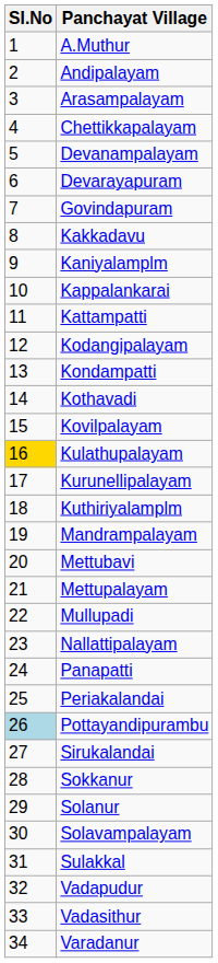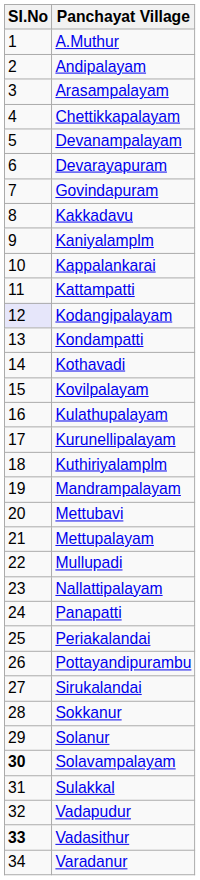 <table class="wikitable sortable">
 <tr>
 <th>SI.No</th>
 <th>Panchayat Village</th>
 </tr>
 <tr>
 <td>1</td>
 <td><a href='#'>A.Muthur</a></td>
 </tr>
 <tr>
 <td>2</td>
 <td><a href='#'>Andipalayam</a></td>
 </tr>
 <tr>
 <td>3</td>
 <td><a href='#'>Arasampalayam</a></td>
 </tr>
 <tr>
 <td>4</td>
 <td><a href='#'>Chettikkapalayam</a></td>
 </tr>
 <tr>
 <td>5</td>
 <td><a href='#'>Devanampalayam</a></td>
 </tr>
 <tr>
 <td>6</td>
 <td><a href='#'>Devarayapuram</a></td>
 </tr>
 <tr>
 <td>7</td>
 <td><a href='#'>Govindapuram</a></td>
 </tr>
 <tr>
 <td>8</td>
 <td><a href='#'>Kakkadavu</a></td>
 </tr>
 <tr>
 <td>9</td>
 <td><a href='#'>Kaniyalamplm</a></td>
 </tr>
 <tr>
 <td>10</td>
 <td><a href='#'>Kappalankarai</a></td>
 </tr>
 <tr>
 <td>11</td>
 <td><a href='#'>Kattampatti</a></td>
 </tr>
 <tr>
-<td>12</td>
+<td style="background: lavender;">12</td>
 <td><a href='#'>Kodangipalayam</a></td>
 </tr>
 <tr>
 <td>13</td>
 <td><a href='#'>Kondampatti</a></td>
 </tr>
 <tr>
 <td>14</td>
 <td><a href='#'>Kothavadi</a></td>
 </tr>
 <tr>
 <td>15</td>
 <td><a href='#'>Kovilpalayam</a></td>
 </tr>
 <tr>
-<td style="background: gold;">16</td>
+<td>16</td>
 <td><a href='#'>Kulathupalayam</a></td>
 </tr>
 <tr>
 <td>17</td>
 <td><a href='#'>Kurunellipalayam</a></td>
 </tr>
 <tr>
 <td>18</td>
 <td><a href='#'>Kuthiriyalamplm</a></td>
 </tr>
 <tr>
 <td>19</td>
 <td><a href='#'>Mandrampalayam</a></td>
 </tr>
 <tr>
 <td>20</td>
 <td><a href='#'>Mettubavi</a></td>
 </tr>
 <tr>
 <td>21</td>
 <td><a href='#'>Mettupalayam</a></td>
 </tr>
 <tr>
 <td>22</td>
 <td><a href='#'>Mullupadi</a></td>
 </tr>
 <tr>
 <td>23</td>
 <td><a href='#'>Nallattipalayam</a></td>
 </tr>
 <tr>
 <td>24</td>
 <td><a href='#'>Panapatti</a></td>
 </tr>
 <tr>
 <td>25</td>
 <td><a href='#'>Periakalandai</a></td>
 </tr>
 <tr>
-<td style="background: lightblue;">26</td>
+<td>26</td>
 <td><a href='#'>Pottayandipurambu</a></td>
 </tr>
 <tr>
 <td>27</td>
 <td><a href='#'>Sirukalandai</a></td>
 </tr>
 <tr>
 <td>28</td>
 <td><a href='#'>Sokkanur</a></td>
 </tr>
 <tr>
 <td>29</td>
 <td><a href='#'>Solanur</a></td>
 </tr>
 <tr>
-<td>30</td>
+<td><strong>30</strong></td>
 <td><a href='#'>Solavampalayam</a></td>
 </tr>
 <tr>
 <td>31</td>
 <td><a href='#'>Sulakkal</a></td>
 </tr>
 <tr>
 <td>32</td>
 <td><a href='#'>Vadapudur</a></td>
 </tr>
 <tr>
-<td>33</td>
+<td><strong>33</strong></td>
 <td><a href='#'>Vadasithur</a></td>
 </tr>
 <tr>
 <td>34</td>
 <td><a href='#'>Varadanur</a></td>
 </tr>
 </table>
